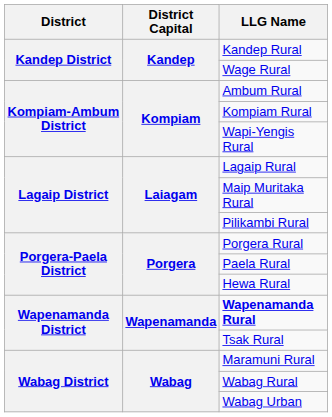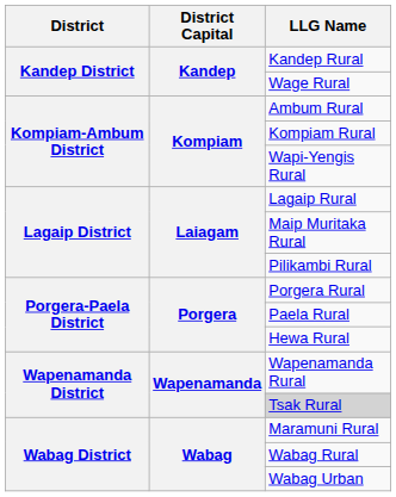 <table class="wikitable" style="text-align: left;" width="400">
 <tr>
 <th>District</th>
 <th>District Capital</th>
 <th>LLG Name</th>
 </tr>
 <tr>
 <th rowspan="2"><a href='#'>Kandep District</a></th>
 <th rowspan="2"><a href='#'>Kandep</a></th>
 <td><a href='#'>Kandep Rural</a></td>
 </tr>
 <tr>
 <td><a href='#'>Wage Rural</a></td>
 </tr>
 <tr>
 <th rowspan="3"><a href='#'>Kompiam-Ambum District</a></th>
 <th rowspan="3"><a href='#'>Kompiam</a></th>
 <td><a href='#'>Ambum Rural</a></td>
 </tr>
 <tr>
 <td><a href='#'>Kompiam Rural</a></td>
 </tr>
 <tr>
 <td><a href='#'>Wapi-Yengis Rural</a></td>
 </tr>
 <tr>
 <th rowspan="3"><a href='#'>Lagaip District</a></th>
 <th rowspan="3"><a href='#'>Laiagam</a></th>
 <td><a href='#'>Lagaip Rural</a></td>
 </tr>
 <tr>
 <td><a href='#'>Maip Muritaka Rural</a></td>
 </tr>
 <tr>
 <td><a href='#'>Pilikambi Rural</a></td>
 </tr>
 <tr>
 <th rowspan="3"><a href='#'>Porgera-Paela District</a></th>
 <th rowspan="3"><a href='#'>Porgera</a></th>
 <td><a href='#'>Porgera Rural</a></td>
 </tr>
 <tr>
 <td><a href='#'>Paela Rural</a></td>
 </tr>
 <tr>
 <td><a href='#'>Hewa Rural</a></td>
 </tr>
 <tr>
 <th rowspan="2"><a href='#'>Wapenamanda District</a></th>
 <th rowspan="2"><a href='#'>Wapenamanda</a></th>
-<td><strong><a href='#'>Wapenamanda Rural</a></strong></td>
+<td><a href='#'>Wapenamanda Rural</a></td>
 </tr>
 <tr>
-<td><a href='#'>Tsak Rural</a></td>
+<td style="background: lightgrey;"><a href='#'>Tsak Rural</a></td>
 </tr>
 <tr>
 <th rowspan="3"><a href='#'>Wabag District</a></th>
 <th rowspan="3"><a href='#'>Wabag</a></th>
 <td><a href='#'>Maramuni Rural</a></td>
 </tr>
 <tr>
 <td><a href='#'>Wabag Rural</a></td>
 </tr>
 <tr>
 <td><a href='#'>Wabag Urban</a></td>
 </tr>
 </table>
